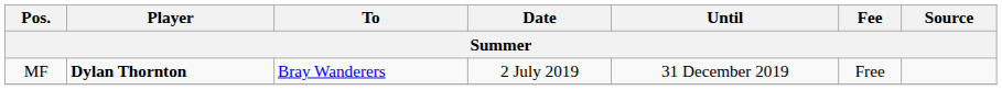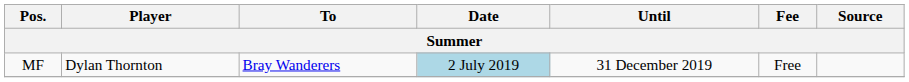 <table class="wikitable" style="text-align:center;width:75%;">
 <tr>
 <th>Pos.</th>
 <th>Player</th>
 <th>To</th>
 <th>Date</th>
 <th>Until</th>
 <th>Fee</th>
 <th>Source</th>
 </tr>
 <tr>
 <th colspan=8>Summer</th>
 </tr>
 <tr>
 <td>MF</td>
-<td align=left><strong> Dylan Thornton</strong></td>
+<td align=left> Dylan Thornton</td>
 <td align=left> <a href='#'>Bray Wanderers</a></td>
-<td>2 July 2019</td>
+<td style="background: lightblue;">2 July 2019</td>
 <td>31 December 2019</td>
 <td>Free</td>
 <td></td>
 </tr>
 <tr>
 </tr>
 </table>
